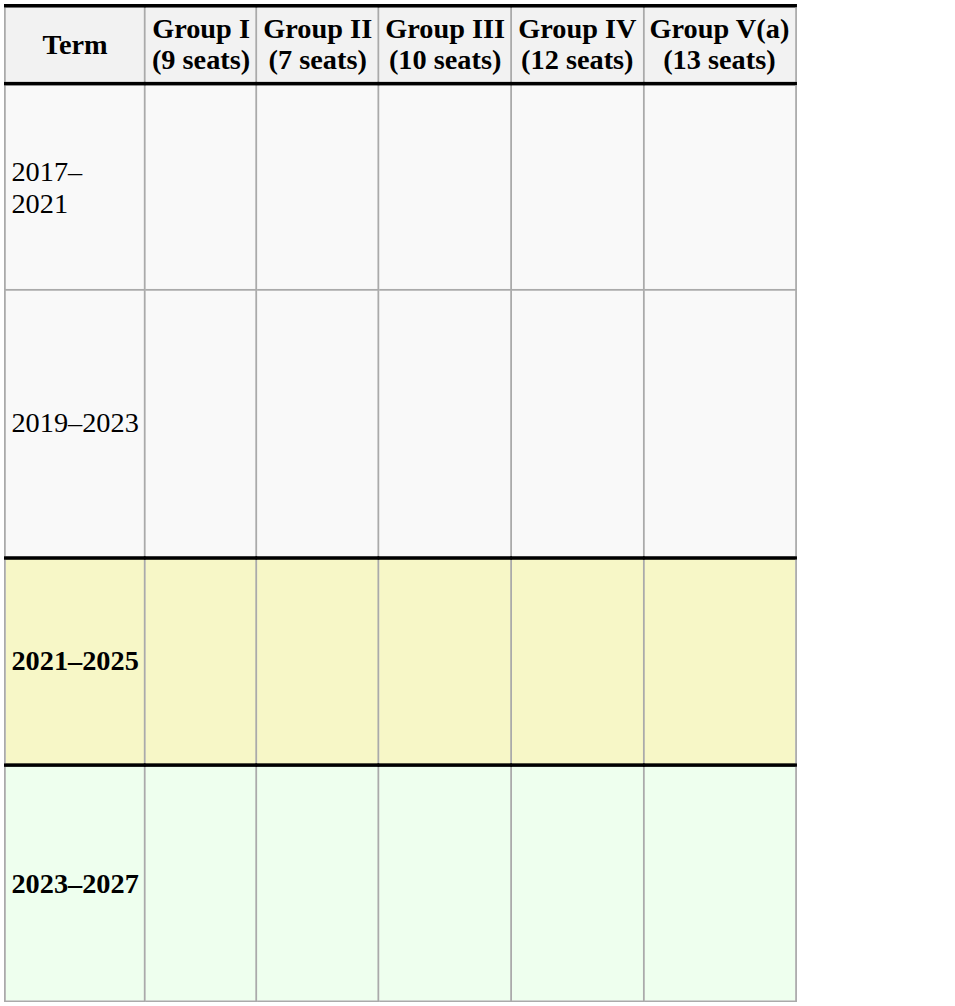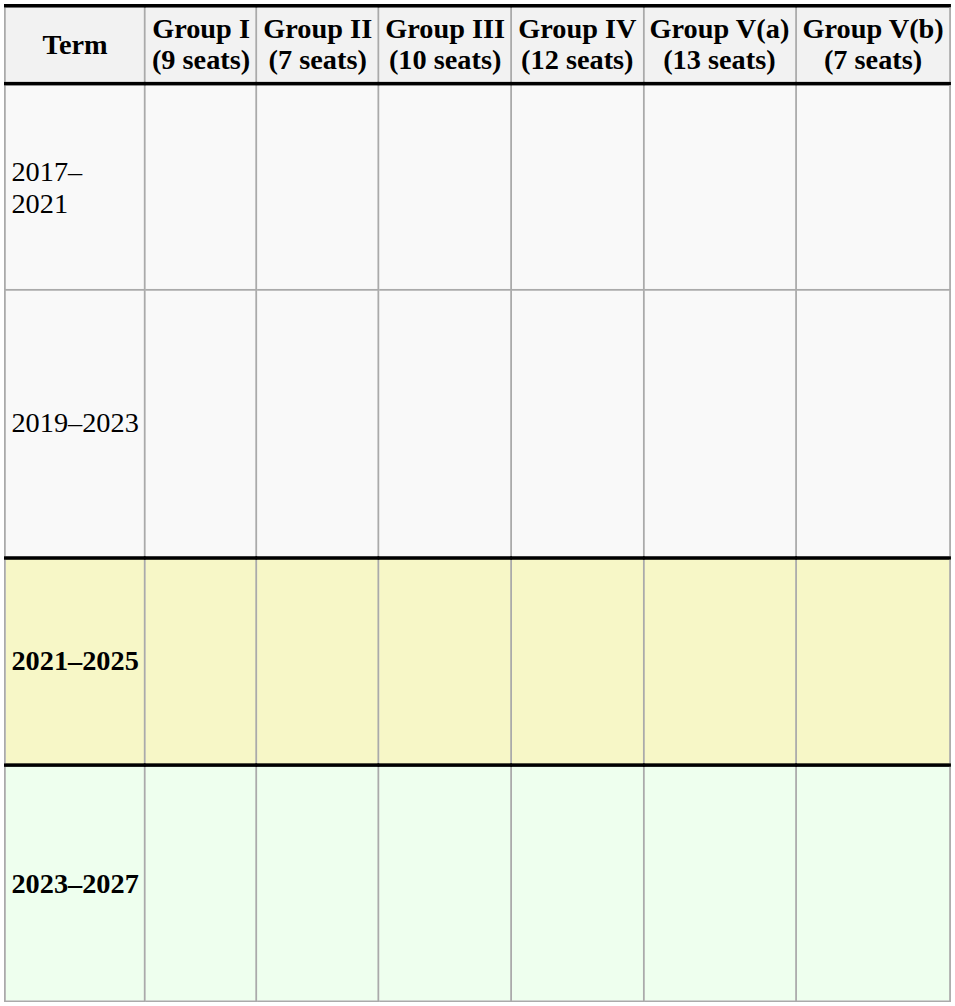 <table class="wikitable">
 <tr style="border-top: 2px solid;">
 <th>Term</th>
 <th>Group I <br>(9 seats)</th>
 <th>Group II <br>(7 seats)</th>
 <th>Group III <br>(10 seats)</th>
 <th>Group IV <br>(12 seats)</th>
 <th>Group V(a) <br>(13 seats)</th>
+<th>Group V(b) <br>(7 seats)</th>
 </tr>
 <tr style="border-top: 2px solid;">
 <td>2017–<br>2021</td>
 <td><br> <br>  <br> </td>
 <td><br> <br>  <br> </td>
 <td><br> <br>  <br>  <br>  <br>  <br> </td>
 <td><br> <br>  <br>  <br>  <br>  <br> </td>
 <td><br> <br>  <br>  <br> <br> <br> </td>
+<td><br> <br> <br> </td>
 </tr>
 <tr>
 <td>2019–2023</td>
 <td><br><br> <br> <br> <br> <br> </td>
 <td><br><br> <br> <br> </td>
 <td><br><br> <br> <br> </td>
 <td><br><br> <br> <br> <br> <br> </td>
 <td><br><br> <br> <br> <br> <br> <br> <br> </td>
+<td><br><br> <br> </td>
 </tr>
 <tr style="background:#f7f7c7;border-top: 2px solid;">
 <td><strong>2021–2025</strong></td>
 <td><br><br> <br> </td>
 <td><br><br> <br> </td>
 <td><br><br> <br> <br> <br> <br> </td>
 <td><br><br> <br> <br> <br> <br> </td>
 <td><br><br> <br> <br> <br> <br> </td>
+<td><br><br> <br> </td>
 </tr>
 <tr style="background:#efe;border-top: 2px solid;">
 <td><strong>2023–2027</strong></td>
 <td><br><br> <br> <br> <br> <br> </td>
 <td><br><br> <br> <br> </td>
 <td><br><br> <br> <br> </td>
 <td><br><br> <br> <br> <br> <br> </td>
 <td><br><br> <br> <br> <br> <br> <br> </td>
+<td><br><br> <br> <br> </td>
 </tr>
 </table>
